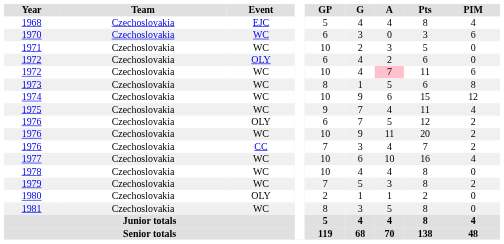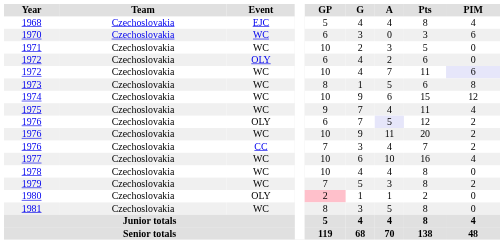 <table border="0" cellpadding="1" cellspacing="0" style="text-align:center; width:50em">
 <tr ALIGN="center" bgcolor="#e0e0e0">
 <th>Year</th>
 <th>Team</th>
 <th>Event</th>
 <th rowspan="99" bgcolor="#ffffff"> </th>
 <th>GP</th>
 <th>G</th>
 <th>A</th>
 <th>Pts</th>
 <th>PIM</th>
 </tr>
 <tr>
 <td><a href='#'>1968</a></td>
 <td><a href='#'>Czechoslovakia</a></td>
 <td><a href='#'>EJC</a></td>
 <td>5</td>
 <td>4</td>
 <td>4</td>
 <td>8</td>
 <td>4</td>
 </tr>
 <tr bgcolor="#f0f0f0">
 <td><a href='#'>1970</a></td>
 <td><a href='#'>Czechoslovakia</a></td>
 <td><a href='#'>WC</a></td>
 <td>6</td>
 <td>3</td>
 <td>0</td>
 <td>3</td>
 <td>6</td>
 </tr>
 <tr>
 <td><a href='#'>1971</a></td>
 <td>Czechoslovakia</td>
 <td>WC</td>
 <td>10</td>
 <td>2</td>
 <td>3</td>
 <td>5</td>
 <td>0</td>
 </tr>
 <tr bgcolor="#f0f0f0">
 <td><a href='#'>1972</a></td>
 <td>Czechoslovakia</td>
 <td><a href='#'>OLY</a></td>
 <td>6</td>
 <td>4</td>
 <td>2</td>
 <td>6</td>
 <td>0</td>
 </tr>
 <tr>
 <td><a href='#'>1972</a></td>
 <td>Czechoslovakia</td>
 <td>WC</td>
 <td>10</td>
 <td>4</td>
-<td style="background: pink;">7</td>
+<td>7</td>
 <td>11</td>
-<td>6</td>
+<td style="background: lavender;">6</td>
 </tr>
 <tr bgcolor="#f0f0f0">
 <td><a href='#'>1973</a></td>
 <td>Czechoslovakia</td>
 <td>WC</td>
 <td>8</td>
 <td>1</td>
 <td>5</td>
 <td>6</td>
 <td>8</td>
 </tr>
 <tr>
 <td><a href='#'>1974</a></td>
 <td>Czechoslovakia</td>
 <td>WC</td>
 <td>10</td>
 <td>9</td>
 <td>6</td>
 <td>15</td>
 <td>12</td>
 </tr>
 <tr bgcolor="#f0f0f0">
 <td><a href='#'>1975</a></td>
 <td>Czechoslovakia</td>
 <td>WC</td>
 <td>9</td>
 <td>7</td>
 <td>4</td>
 <td>11</td>
 <td>4</td>
 </tr>
 <tr>
 <td><a href='#'>1976</a></td>
 <td>Czechoslovakia</td>
 <td>OLY</td>
 <td>6</td>
 <td>7</td>
-<td>5</td>
+<td style="background: lavender;">5</td>
 <td>12</td>
 <td>2</td>
 </tr>
 <tr bgcolor="#f0f0f0">
 <td><a href='#'>1976</a></td>
 <td>Czechoslovakia</td>
 <td>WC</td>
 <td>10</td>
 <td>9</td>
 <td>11</td>
 <td>20</td>
 <td>2</td>
 </tr>
 <tr>
 <td><a href='#'>1976</a></td>
 <td>Czechoslovakia</td>
 <td><a href='#'>CC</a></td>
 <td>7</td>
 <td>3</td>
 <td>4</td>
 <td>7</td>
 <td>2</td>
 </tr>
 <tr bgcolor="#f0f0f0">
 <td><a href='#'>1977</a></td>
 <td>Czechoslovakia</td>
 <td>WC</td>
 <td>10</td>
 <td>6</td>
 <td>10</td>
 <td>16</td>
 <td>4</td>
 </tr>
 <tr>
 <td><a href='#'>1978</a></td>
 <td>Czechoslovakia</td>
 <td>WC</td>
 <td>10</td>
 <td>4</td>
 <td>4</td>
 <td>8</td>
 <td>0</td>
 </tr>
 <tr bgcolor="#f0f0f0">
 <td><a href='#'>1979</a></td>
 <td>Czechoslovakia</td>
 <td>WC</td>
 <td>7</td>
 <td>5</td>
 <td>3</td>
 <td>8</td>
 <td>2</td>
 </tr>
 <tr>
 <td><a href='#'>1980</a></td>
 <td>Czechoslovakia</td>
 <td>OLY</td>
-<td>2</td>
+<td style="background: pink;">2</td>
 <td>1</td>
 <td>1</td>
 <td>2</td>
 <td>0</td>
 </tr>
 <tr bgcolor="#f0f0f0">
 <td><a href='#'>1981</a></td>
 <td>Czechoslovakia</td>
 <td>WC</td>
 <td>8</td>
 <td>3</td>
 <td>5</td>
 <td>8</td>
 <td>0</td>
 </tr>
 <tr bgcolor="#e0e0e0">
 <th colspan=3>Junior totals</th>
 <th>5</th>
 <th>4</th>
 <th>4</th>
 <th>8</th>
 <th>4</th>
 </tr>
 <tr bgcolor="#e0e0e0">
 <th colspan=3>Senior totals</th>
 <th>119</th>
 <th>68</th>
 <th>70</th>
 <th>138</th>
 <th>48</th>
 </tr>
 </table>
